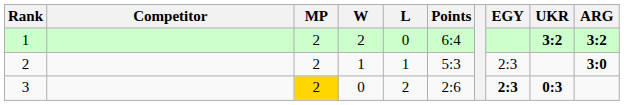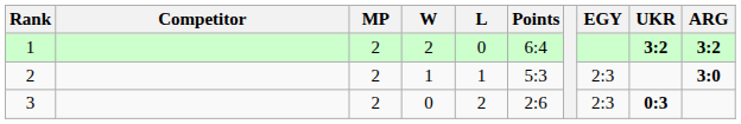 <table class="wikitable" style="text-align:center">
 <tr>
 <th>Rank</th>
 <th style="width:16em">Competitor</th>
 <th style="width:2.5em">MP</th>
 <th style="width:2.5em">W</th>
 <th style="width:2.5em">L</th>
 <th>Points</th>
 <th rowspan="4"> </th>
 <th style="width:2.5em">EGY</th>
 <th style="width:2.5em">UKR</th>
 <th style="width:2.5em">ARG</th>
 </tr>
 <tr style="background:#cfc;">
 <td>1</td>
 <td style="text-align:left"></td>
 <td>2</td>
 <td>2</td>
 <td>0</td>
 <td>6:4</td>
 <td></td>
 <td><strong>3:2</strong></td>
 <td><strong>3:2</strong></td>
 </tr>
 <tr>
 <td>2</td>
 <td style="text-align:left"></td>
 <td>2</td>
 <td>1</td>
 <td>1</td>
 <td>5:3</td>
 <td>2:3</td>
 <td></td>
 <td><strong>3:0</strong></td>
 </tr>
 <tr>
 <td>3</td>
 <td style="text-align:left"></td>
-<td style="background: gold;">2</td>
+<td>2</td>
 <td>0</td>
 <td>2</td>
 <td>2:6</td>
-<td><strong>2:3</strong></td>
+<td>2:3</td>
 <td><strong>0:3</strong></td>
 <td></td>
 </tr>
 </table>
